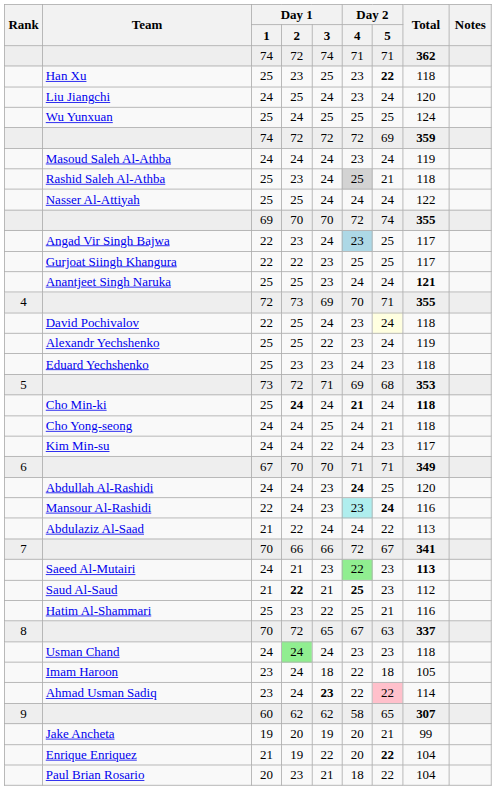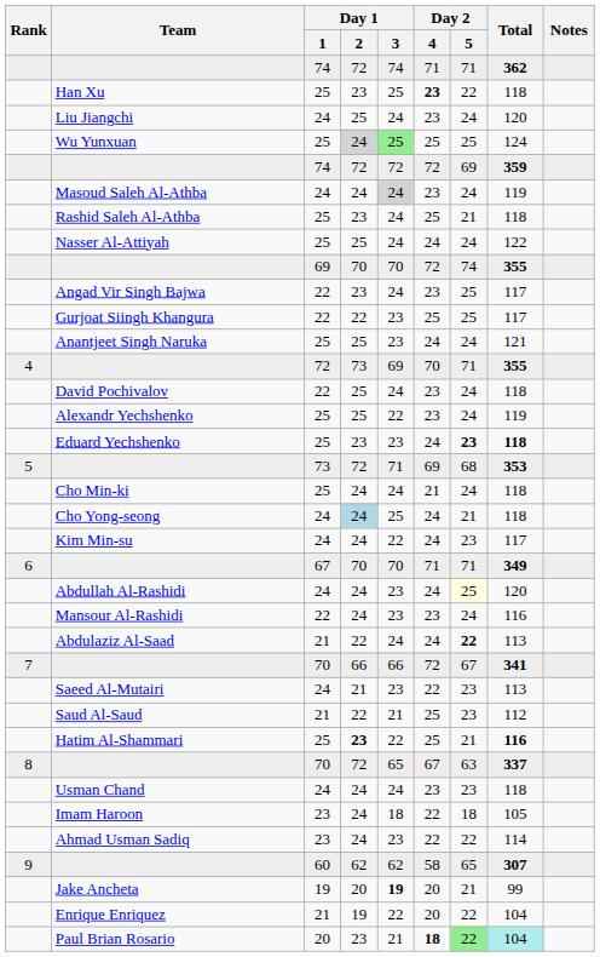 <table class="wikitable" style="text-align:center">
 <tr>
 <th rowspan=2 width=40>Rank</th>
 <th rowspan=2 width=250>Team</th>
 <th colspan=3>Day 1</th>
 <th colspan=2>Day 2</th>
 <th rowspan=2 width=50>Total</th>
 <th rowspan=2 width=45>Notes</th>
 </tr>
 <tr>
 <th width=30>1</th>
 <th width=30>2</th>
 <th width=30>3</th>
 <th width=30>4</th>
 <th width=30>5</th>
 </tr>
 <tr bgcolor=eeeeee>
 <td></td>
 <td align=left></td>
 <td>74</td>
 <td>72</td>
 <td>74</td>
 <td>71</td>
 <td>71</td>
 <td><strong>362</strong></td>
 <td></td>
 </tr>
 <tr>
 <td></td>
 <td align=left><a href='#'>Han Xu</a></td>
 <td>25</td>
 <td>23</td>
 <td>25</td>
-<td>23</td>
-<td><strong>22</strong></td>
+<td><strong>23</strong></td>
+<td>22</td>
 <td>118</td>
 <td></td>
 </tr>
 <tr>
 <td></td>
 <td align=left><a href='#'>Liu Jiangchi</a></td>
 <td>24</td>
 <td>25</td>
 <td>24</td>
 <td>23</td>
 <td>24</td>
 <td>120</td>
 <td></td>
 </tr>
 <tr>
 <td></td>
 <td align=left><a href='#'>Wu Yunxuan</a></td>
 <td>25</td>
-<td>24</td>
-<td>25</td>
+<td style="background: lightgrey;">24</td>
+<td style="background: lightgreen;">25</td>
 <td>25</td>
 <td>25</td>
 <td>124</td>
 <td></td>
 </tr>
 <tr bgcolor=eeeeee>
 <td></td>
 <td align=left></td>
 <td>74</td>
 <td>72</td>
 <td>72</td>
 <td>72</td>
 <td>69</td>
 <td><strong>359</strong></td>
 <td></td>
 </tr>
 <tr>
 <td></td>
 <td align=left><a href='#'>Masoud Saleh Al-Athba</a></td>
 <td>24</td>
 <td>24</td>
-<td>24</td>
+<td style="background: lightgrey;">24</td>
 <td>23</td>
 <td>24</td>
 <td>119</td>
 <td></td>
 </tr>
 <tr>
 <td></td>
 <td align=left><a href='#'>Rashid Saleh Al-Athba</a></td>
 <td>25</td>
 <td>23</td>
 <td>24</td>
-<td style="background: lightgrey;">25</td>
+<td>25</td>
 <td>21</td>
 <td>118</td>
 <td></td>
 </tr>
 <tr>
 <td></td>
 <td align=left><a href='#'>Nasser Al-Attiyah</a></td>
 <td>25</td>
 <td>25</td>
 <td>24</td>
 <td>24</td>
 <td>24</td>
 <td>122</td>
 <td></td>
 </tr>
 <tr bgcolor=eeeeee>
 <td></td>
 <td align=left></td>
 <td>69</td>
 <td>70</td>
 <td>70</td>
 <td>72</td>
 <td>74</td>
 <td><strong>355</strong></td>
 <td></td>
 </tr>
 <tr>
 <td></td>
 <td align=left><a href='#'>Angad Vir Singh Bajwa</a></td>
 <td>22</td>
 <td>23</td>
 <td>24</td>
-<td style="background: lightblue;">23</td>
+<td>23</td>
 <td>25</td>
 <td>117</td>
 <td></td>
 </tr>
 <tr>
 <td></td>
 <td align=left><a href='#'>Gurjoat Siingh Khangura</a></td>
 <td>22</td>
 <td>22</td>
 <td>23</td>
 <td>25</td>
 <td>25</td>
 <td>117</td>
 <td></td>
 </tr>
 <tr>
 <td></td>
 <td align=left><a href='#'>Anantjeet Singh Naruka</a></td>
 <td>25</td>
 <td>25</td>
 <td>23</td>
 <td>24</td>
 <td>24</td>
-<td><strong>121</strong></td>
+<td>121</td>
 <td></td>
 </tr>
 <tr bgcolor=eeeeee>
 <td>4</td>
 <td align=left></td>
 <td>72</td>
 <td>73</td>
 <td>69</td>
 <td>70</td>
 <td>71</td>
 <td><strong>355</strong></td>
 <td></td>
 </tr>
 <tr>
 <td></td>
 <td align=left><a href='#'>David Pochivalov</a></td>
 <td>22</td>
 <td>25</td>
 <td>24</td>
 <td>23</td>
-<td style="background: lightyellow;">24</td>
+<td>24</td>
 <td>118</td>
 <td></td>
 </tr>
 <tr>
 <td></td>
 <td align=left><a href='#'>Alexandr Yechshenko</a></td>
 <td>25</td>
 <td>25</td>
 <td>22</td>
 <td>23</td>
 <td>24</td>
 <td>119</td>
 <td></td>
 </tr>
 <tr>
 <td></td>
 <td align=left><a href='#'>Eduard Yechshenko</a></td>
 <td>25</td>
 <td>23</td>
 <td>23</td>
 <td>24</td>
-<td>23</td>
-<td>118</td>
+<td><strong>23</strong></td>
+<td><strong>118</strong></td>
 <td></td>
 </tr>
 <tr bgcolor=eeeeee>
 <td>5</td>
 <td align=left></td>
 <td>73</td>
 <td>72</td>
 <td>71</td>
 <td>69</td>
 <td>68</td>
 <td><strong>353</strong></td>
 <td></td>
 </tr>
 <tr>
 <td></td>
 <td align=left><a href='#'>Cho Min-ki</a></td>
 <td>25</td>
-<td><strong>24</strong></td>
 <td>24</td>
-<td><strong>21</strong></td>
 <td>24</td>
-<td><strong>118</strong></td>
+<td>21</td>
+<td>24</td>
+<td>118</td>
 <td></td>
 </tr>
 <tr>
 <td></td>
 <td align=left><a href='#'>Cho Yong-seong</a></td>
 <td>24</td>
-<td>24</td>
+<td style="background: lightblue;">24</td>
 <td>25</td>
 <td>24</td>
 <td>21</td>
 <td>118</td>
 <td></td>
 </tr>
 <tr>
 <td></td>
 <td align=left><a href='#'>Kim Min-su</a></td>
 <td>24</td>
 <td>24</td>
 <td>22</td>
 <td>24</td>
 <td>23</td>
 <td>117</td>
 <td></td>
 </tr>
 <tr bgcolor=eeeeee>
 <td>6</td>
 <td align=left></td>
 <td>67</td>
 <td>70</td>
 <td>70</td>
 <td>71</td>
 <td>71</td>
 <td><strong>349</strong></td>
 <td></td>
 </tr>
 <tr>
 <td></td>
 <td align=left><a href='#'>Abdullah Al-Rashidi</a></td>
 <td>24</td>
 <td>24</td>
 <td>23</td>
-<td><strong>24</strong></td>
-<td>25</td>
+<td>24</td>
+<td style="background: lightyellow;">25</td>
 <td>120</td>
 <td></td>
 </tr>
 <tr>
 <td></td>
 <td align=left><a href='#'>Mansour Al-Rashidi</a></td>
 <td>22</td>
 <td>24</td>
 <td>23</td>
-<td style="background: paleturquoise;">23</td>
-<td><strong>24</strong></td>
+<td>23</td>
+<td>24</td>
 <td>116</td>
 <td></td>
 </tr>
 <tr>
 <td></td>
 <td align=left><a href='#'>Abdulaziz Al-Saad</a></td>
 <td>21</td>
 <td>22</td>
 <td>24</td>
 <td>24</td>
-<td>22</td>
+<td><strong>22</strong></td>
 <td>113</td>
 <td></td>
 </tr>
 <tr bgcolor=eeeeee>
 <td>7</td>
 <td align=left></td>
 <td>70</td>
 <td>66</td>
 <td>66</td>
 <td>72</td>
 <td>67</td>
 <td><strong>341</strong></td>
 <td></td>
 </tr>
 <tr>
 <td></td>
 <td align=left><a href='#'>Saeed Al-Mutairi</a></td>
 <td>24</td>
 <td>21</td>
 <td>23</td>
-<td style="background: lightgreen;">22</td>
+<td>22</td>
 <td>23</td>
-<td><strong>113</strong></td>
+<td>113</td>
 <td></td>
 </tr>
 <tr>
 <td></td>
 <td align=left><a href='#'>Saud Al-Saud</a></td>
 <td>21</td>
-<td><strong>22</strong></td>
+<td>22</td>
 <td>21</td>
-<td><strong>25</strong></td>
+<td>25</td>
 <td>23</td>
 <td>112</td>
 <td></td>
 </tr>
 <tr>
 <td></td>
 <td align=left><a href='#'>Hatim Al-Shammari</a></td>
 <td>25</td>
-<td>23</td>
+<td><strong>23</strong></td>
 <td>22</td>
 <td>25</td>
 <td>21</td>
-<td>116</td>
+<td><strong>116</strong></td>
 <td></td>
 </tr>
 <tr bgcolor=eeeeee>
 <td>8</td>
 <td align=left></td>
 <td>70</td>
 <td>72</td>
 <td>65</td>
 <td>67</td>
 <td>63</td>
 <td><strong>337</strong></td>
 <td></td>
 </tr>
 <tr>
 <td></td>
 <td align=left><a href='#'>Usman Chand</a></td>
 <td>24</td>
-<td style="background: lightgreen;">24</td>
+<td>24</td>
 <td>24</td>
 <td>23</td>
 <td>23</td>
 <td>118</td>
 <td></td>
 </tr>
 <tr>
 <td></td>
 <td align=left><a href='#'>Imam Haroon</a></td>
 <td>23</td>
 <td>24</td>
 <td>18</td>
 <td>22</td>
 <td>18</td>
 <td>105</td>
 <td></td>
 </tr>
 <tr>
 <td></td>
 <td align=left><a href='#'>Ahmad Usman Sadiq</a></td>
 <td>23</td>
 <td>24</td>
-<td><strong>23</strong></td>
+<td>23</td>
 <td>22</td>
-<td style="background: pink;">22</td>
+<td>22</td>
 <td>114</td>
 <td></td>
 </tr>
 <tr bgcolor=eeeeee>
 <td>9</td>
 <td align=left></td>
 <td>60</td>
 <td>62</td>
 <td>62</td>
 <td>58</td>
 <td>65</td>
 <td><strong>307</strong></td>
 <td></td>
 </tr>
 <tr>
 <td></td>
 <td align=left><a href='#'>Jake Ancheta</a></td>
 <td>19</td>
 <td>20</td>
-<td>19</td>
+<td><strong>19</strong></td>
 <td>20</td>
 <td>21</td>
 <td>99</td>
 <td></td>
 </tr>
 <tr>
 <td></td>
 <td align=left><a href='#'>Enrique Enriquez</a></td>
 <td>21</td>
 <td>19</td>
 <td>22</td>
 <td>20</td>
-<td><strong>22</strong></td>
+<td>22</td>
 <td>104</td>
 <td></td>
 </tr>
 <tr>
 <td></td>
 <td align=left><a href='#'>Paul Brian Rosario</a></td>
 <td>20</td>
 <td>23</td>
 <td>21</td>
-<td>18</td>
-<td>22</td>
-<td>104</td>
+<td><strong>18</strong></td>
+<td style="background: lightgreen;">22</td>
+<td style="background: paleturquoise;">104</td>
 <td></td>
 </tr>
 </table>
